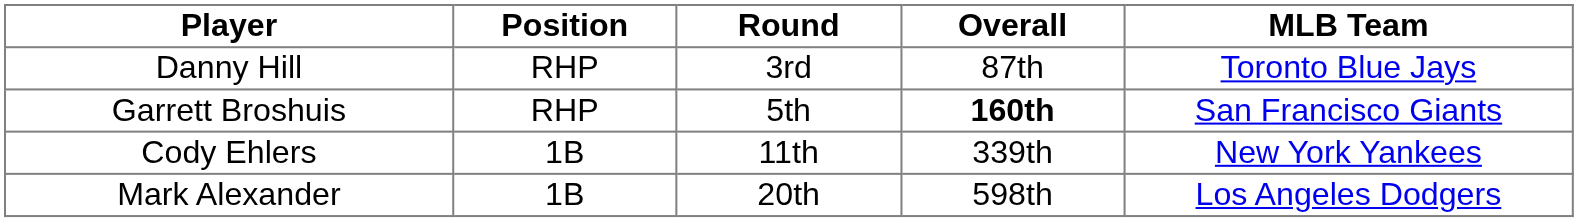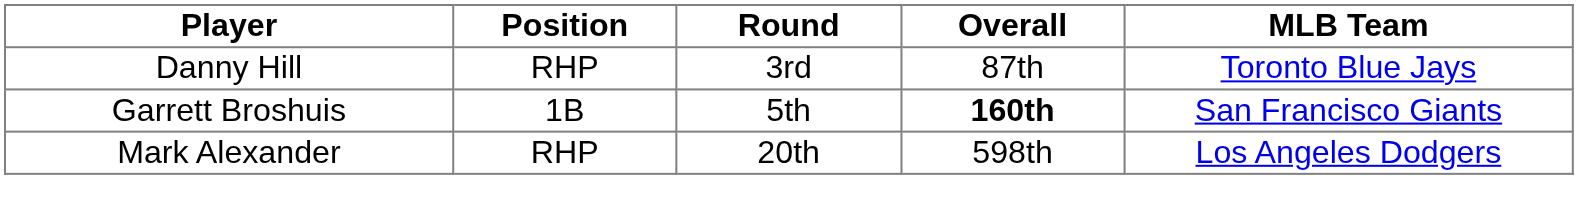 <table class="toccolours" border=1 style="text-align:center; border-collapse:collapse;">
 <tr>
 <th style="width:20%; ">Player</th>
 <th style="width:10%; ">Position</th>
 <th style="width:10%; ">Round</th>
 <th style="width:10%; ">Overall</th>
 <th style="width:20%; ">MLB Team</th>
 </tr>
 <tr>
 <td>Danny Hill</td>
 <td>RHP</td>
 <td>3rd</td>
 <td>87th</td>
 <td><a href='#'>Toronto Blue Jays</a></td>
 </tr>
 <tr>
 <td>Garrett Broshuis</td>
-<td>RHP</td>
+<td>1B</td>
 <td>5th</td>
 <td><strong>160th</strong></td>
 <td><a href='#'>San Francisco Giants</a></td>
 </tr>
 <tr>
-<td>Cody Ehlers</td>
-<td>1B</td>
-<td>11th</td>
-<td>339th</td>
-<td><a href='#'>New York Yankees</a></td>
-</tr>
-<tr>
 <td>Mark Alexander</td>
-<td>1B</td>
+<td>RHP</td>
 <td>20th</td>
 <td>598th</td>
 <td><a href='#'>Los Angeles Dodgers</a></td>
 </tr>
 </table>
